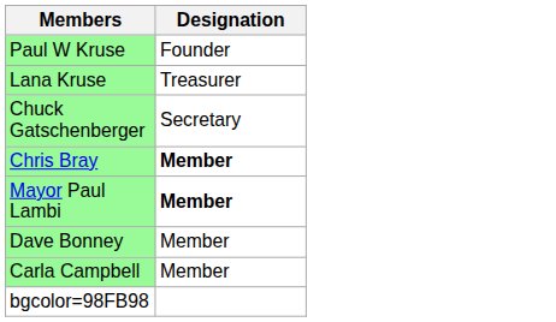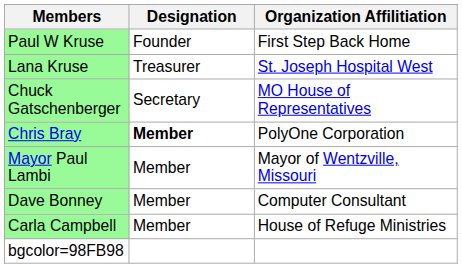 <table class="sortable wikitable">
 <tr>
 <th width=120>Members</th>
 <th width=120>Designation</th>
+<th width=200>Organization Affilitiation</th>
 </tr>
 <tr style="background:#ffffff;">
 <td bgcolor=98FB98>Paul W Kruse</td>
 <td>Founder</td>
+<td> First Step Back Home</td>
 </tr>
 <tr style="background:#ffffff;">
 <td bgcolor=98FB98>Lana Kruse</td>
 <td>Treasurer</td>
+<td> <a href='#'>St. Joseph Hospital West</a></td>
 </tr>
 <tr style="background:#ffffff;">
 <td bgcolor=98FB98>Chuck Gatschenberger</td>
 <td>Secretary</td>
+<td> <a href='#'>MO House of Representatives</a></td>
 </tr>
 <tr style="background:#ffffff;">
 <td bgcolor=98FB98><a href='#'>Chris Bray</a></td>
 <td><strong>Member</strong></td>
+<td> PolyOne Corporation<br></td>
 </tr>
 <tr style="background:#ffffff;">
 <td bgcolor=98FB98><a href='#'>Mayor</a> Paul Lambi</td>
-<td><strong>Member</strong></td>
+<td>Member</td>
+<td> Mayor of <a href='#'>Wentzville, Missouri</a></td>
 </tr>
 <tr style="background:#ffffff;">
 <td bgcolor=98FB98>Dave Bonney</td>
 <td>Member</td>
+<td> Computer Consultant<br></td>
 </tr>
 <tr style="background:#ffffff;">
 <td bgcolor=98FB98>Carla Campbell</td>
 <td>Member</td>
+<td> House of Refuge Ministries</td>
 </tr>
 <tr style="background:#ffffff;">
 <td>bgcolor=98FB98</td>
 <td></td>
+<td><br></td>
 </tr>
 </table>
